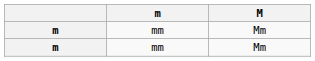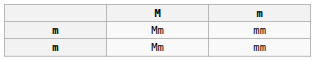 <table class="wikitable" style="text-align:center; width:30%">
 <tr>
 <th style="width:3em;"></th>
+<th style="width:3em;">M</th>
 <th style="width:3em;">m</th>
-<th style="width:3em;">M</th>
 </tr>
 <tr>
 <th>m</th>
+<td>Mm</td>
 <td>mm</td>
-<td>Mm</td>
 </tr>
 <tr>
 <th>m</th>
+<td>Mm</td>
 <td>mm</td>
-<td>Mm</td>
 </tr>
 </table>
